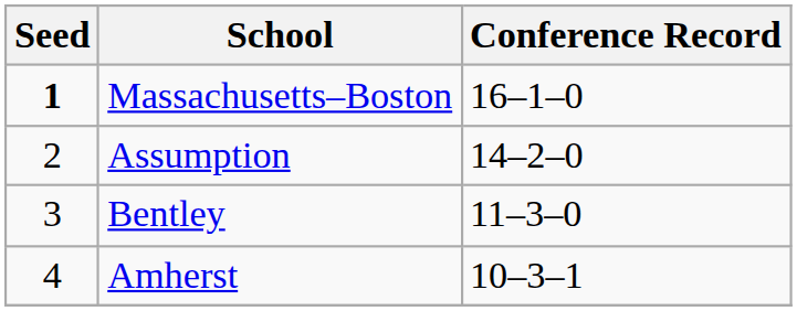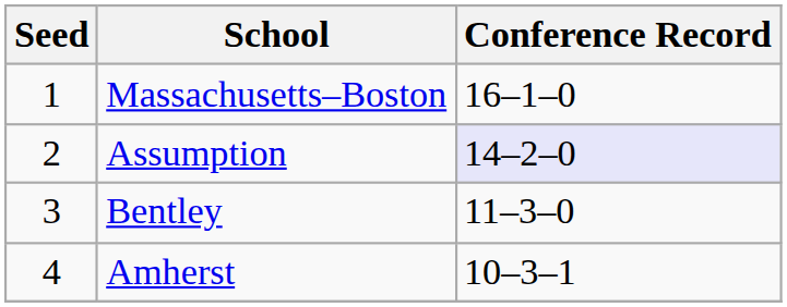 <table class="wikitable">
 <tr>
 <th>Seed</th>
 <th>School</th>
 <th>Conference Record</th>
 </tr>
 <tr>
-<td align=center><strong>1</strong></td>
+<td align=center>1</td>
 <td><a href='#'>Massachusetts–Boston</a></td>
 <td>16–1–0</td>
 </tr>
 <tr>
 <td align=center>2</td>
 <td><a href='#'>Assumption</a></td>
-<td>14–2–0</td>
+<td style="background: lavender;">14–2–0</td>
 </tr>
 <tr>
 <td align=center>3</td>
 <td><a href='#'>Bentley</a></td>
 <td>11–3–0</td>
 </tr>
 <tr>
 <td align=center>4</td>
 <td><a href='#'>Amherst</a></td>
 <td>10–3–1</td>
 </tr>
 <tr>
 </tr>
 </table>
